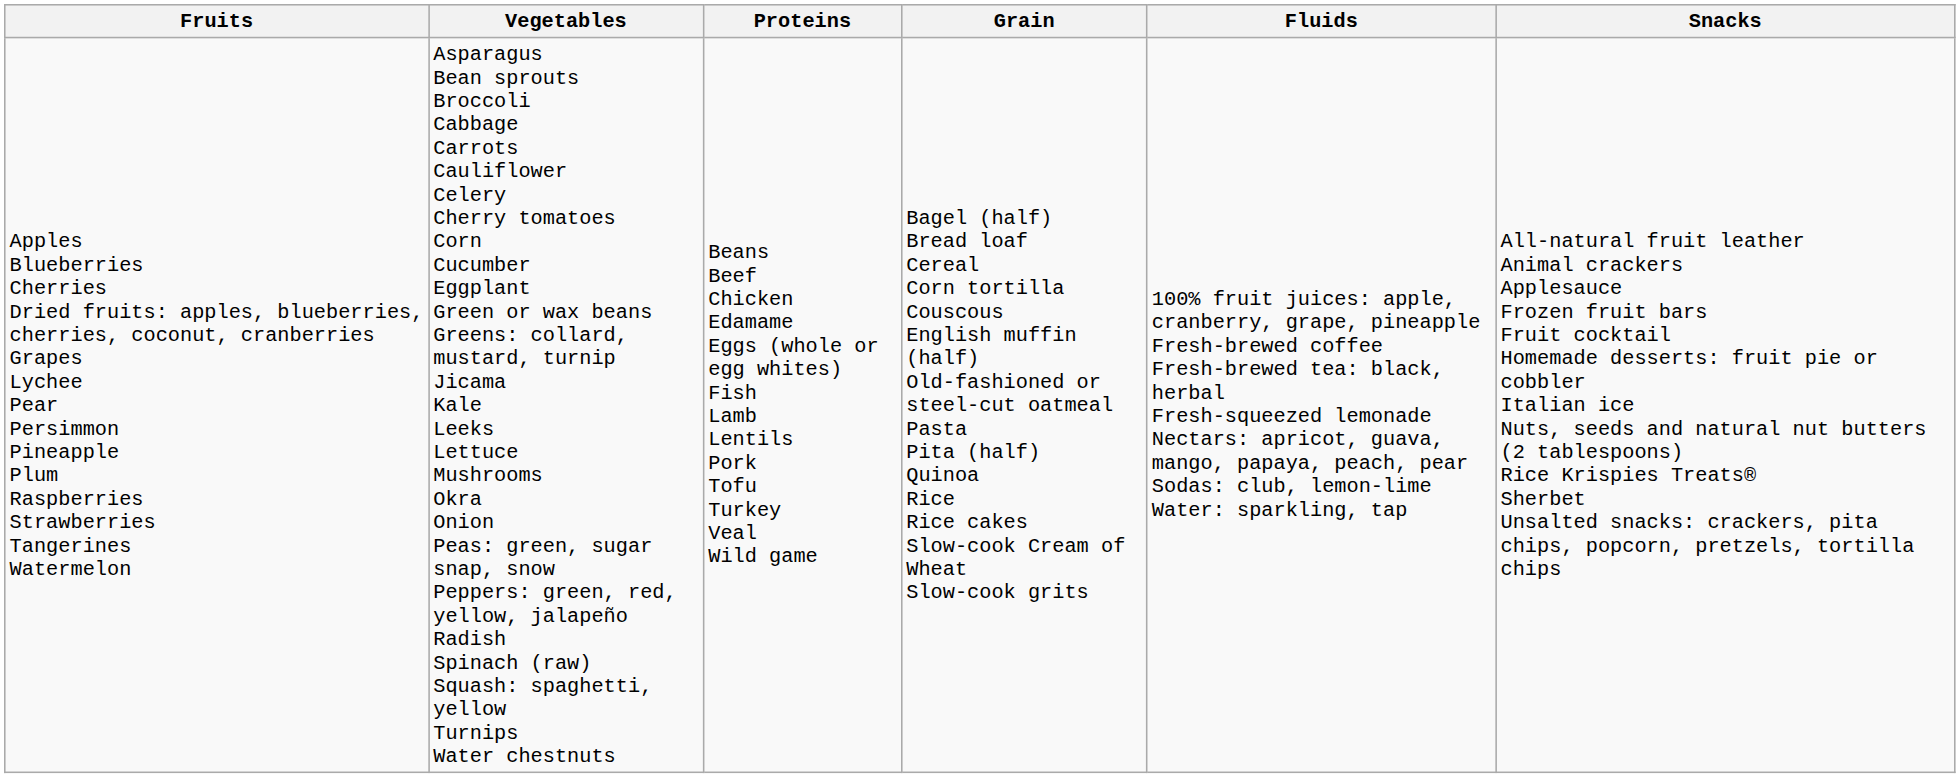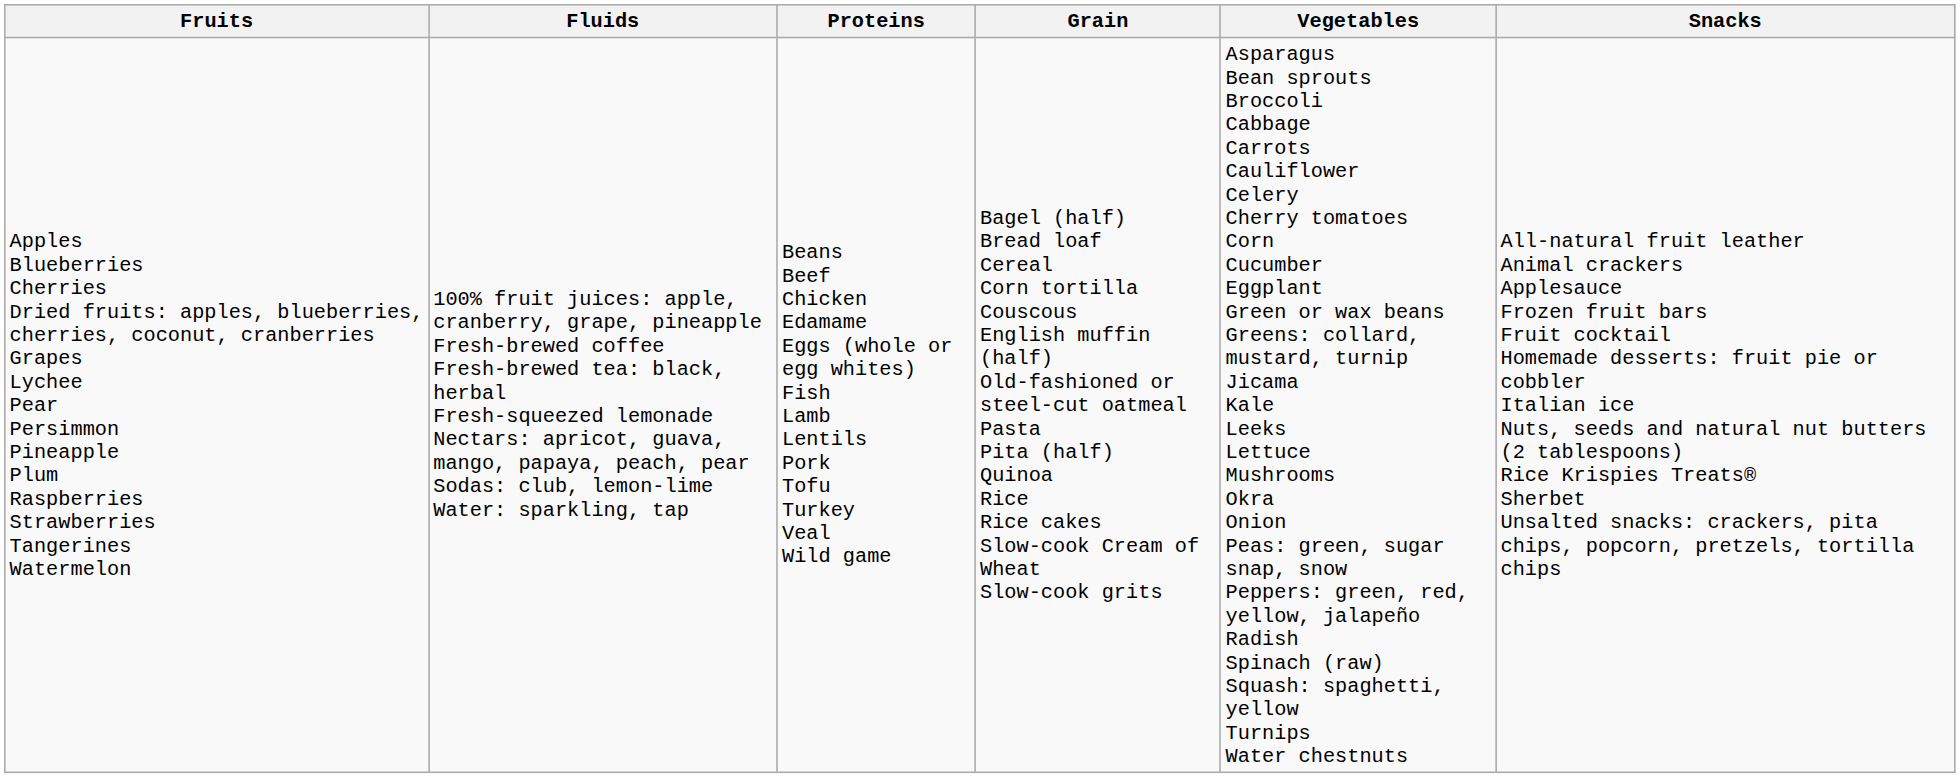 <table class="wikitable">
 <tr>
 <th>Fruits</th>
-<th>Vegetables</th>
+<th>Fluids</th>
 <th>Proteins</th>
 <th>Grain</th>
-<th>Fluids</th>
+<th>Vegetables</th>
 <th>Snacks</th>
 </tr>
 <tr>
 <td>Apples<br>Blueberries<br>Cherries<br>Dried fruits: apples, blueberries, cherries, coconut, cranberries<br>Grapes<br>Lychee<br>Pear<br>Persimmon<br>Pineapple<br>Plum<br>Raspberries<br>Strawberries<br>Tangerines<br>Watermelon</td>
-<td>Asparagus<br>Bean sprouts<br>Broccoli<br>Cabbage<br>Carrots<br>Cauliflower<br>Celery<br>Cherry tomatoes<br>Corn<br>Cucumber<br>Eggplant<br>Green or wax beans<br>Greens: collard, mustard, turnip<br>Jicama<br>Kale<br>Leeks<br>Lettuce<br>Mushrooms<br>Okra<br>Onion<br>Peas: green, sugar snap, snow<br>Peppers: green, red, yellow, jalapeño<br>Radish<br>Spinach (raw)<br>Squash: spaghetti, yellow<br>Turnips<br>Water chestnuts</td>
+<td>100% fruit juices: apple, cranberry, grape, pineapple<br>Fresh-brewed coffee<br>Fresh-brewed tea: black, herbal<br>Fresh-squeezed lemonade<br>Nectars: apricot, guava, mango, papaya, peach, pear<br>Sodas: club, lemon-lime<br>Water: sparkling, tap</td>
 <td>Beans<br>Beef<br>Chicken<br>Edamame<br>Eggs (whole or egg whites)<br>Fish<br>Lamb<br>Lentils<br>Pork<br>Tofu<br>Turkey<br>Veal<br>Wild game</td>
 <td>Bagel (half)<br>Bread loaf<br>Cereal<br>Corn tortilla<br>Couscous<br>English muffin (half)<br>Old-fashioned or steel-cut oatmeal<br>Pasta<br>Pita (half)<br>Quinoa<br>Rice<br>Rice cakes<br>Slow-cook Cream of Wheat<br>Slow-cook grits</td>
-<td>100% fruit juices: apple, cranberry, grape, pineapple<br>Fresh-brewed coffee<br>Fresh-brewed tea: black, herbal<br>Fresh-squeezed lemonade<br>Nectars: apricot, guava, mango, papaya, peach, pear<br>Sodas: club, lemon-lime<br>Water: sparkling, tap</td>
+<td>Asparagus<br>Bean sprouts<br>Broccoli<br>Cabbage<br>Carrots<br>Cauliflower<br>Celery<br>Cherry tomatoes<br>Corn<br>Cucumber<br>Eggplant<br>Green or wax beans<br>Greens: collard, mustard, turnip<br>Jicama<br>Kale<br>Leeks<br>Lettuce<br>Mushrooms<br>Okra<br>Onion<br>Peas: green, sugar snap, snow<br>Peppers: green, red, yellow, jalapeño<br>Radish<br>Spinach (raw)<br>Squash: spaghetti, yellow<br>Turnips<br>Water chestnuts</td>
 <td>All-natural fruit leather<br>Animal crackers<br>Applesauce<br>Frozen fruit bars<br>Fruit cocktail<br>Homemade desserts: fruit pie or cobbler<br>Italian ice<br>Nuts, seeds and natural nut butters (2 tablespoons)<br>Rice Krispies Treats®<br>Sherbet<br>Unsalted snacks: crackers, pita chips, popcorn, pretzels, tortilla chips</td>
 </tr>
 </table>
